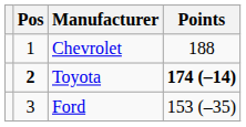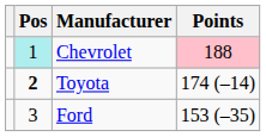 <table class="wikitable" style="font-size: 95%;">
 <tr>
 <th></th>
 <th>Pos</th>
 <th>Manufacturer</th>
 <th>Points</th>
 </tr>
 <tr>
 <td align="left"></td>
-<td style="text-align:center;">1</td>
+<td style="background: paleturquoise; text-align:center;">1</td>
 <td><a href='#'>Chevrolet</a></td>
-<td style="text-align:center;">188</td>
+<td style="background: pink; text-align:center;">188</td>
 </tr>
 <tr>
 <td align="left"></td>
 <td style="text-align:center;"><strong>2</strong></td>
 <td><a href='#'>Toyota</a></td>
-<td style="text-align:center;"><strong>174 (–14)</strong></td>
+<td style="text-align:center;">174 (–14)</td>
 </tr>
 <tr>
 <td align="left"></td>
 <td style="text-align:center;">3</td>
 <td><a href='#'>Ford</a></td>
 <td style="text-align:center;">153 (–35)</td>
 </tr>
 <tr class="sortbottom">
 </tr>
 </table>
